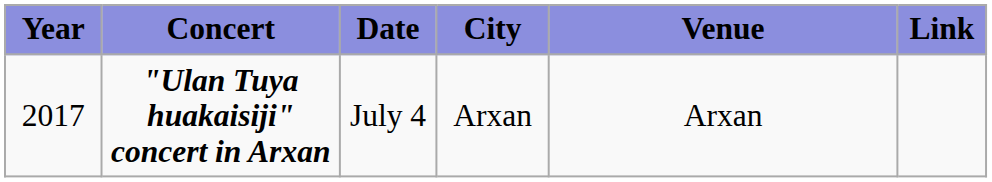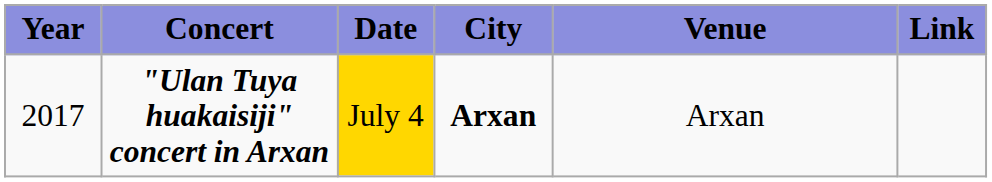 <table class="wikitable sortable mw-collapsible" width="80%" style="text-align:center">
 <tr align="center" style="background:#8B8EDE">
 <td style="width:2%"><strong>Year</strong></td>
 <td style="width:8%"><strong>Concert</strong></td>
 <td style="width:2%"><strong>Date</strong></td>
 <td style="width:2%"><strong>City</strong></td>
 <td style="width:18%"><strong>Venue</strong></td>
 <td style="width:1%"><strong>Link</strong></td>
 </tr>
 <tr>
 <td rowspan="2">2017</td>
 <td rowspan="2"><strong><em>"Ulan Tuya huakaisiji" concert in Arxan</em></strong></td>
-<td>July 4</td>
-<td>Arxan</td>
+<td style="background: gold;">July 4</td>
+<td><strong>Arxan</strong></td>
 <td>Arxan</td>
 <td></td>
 </tr>
 </table>
